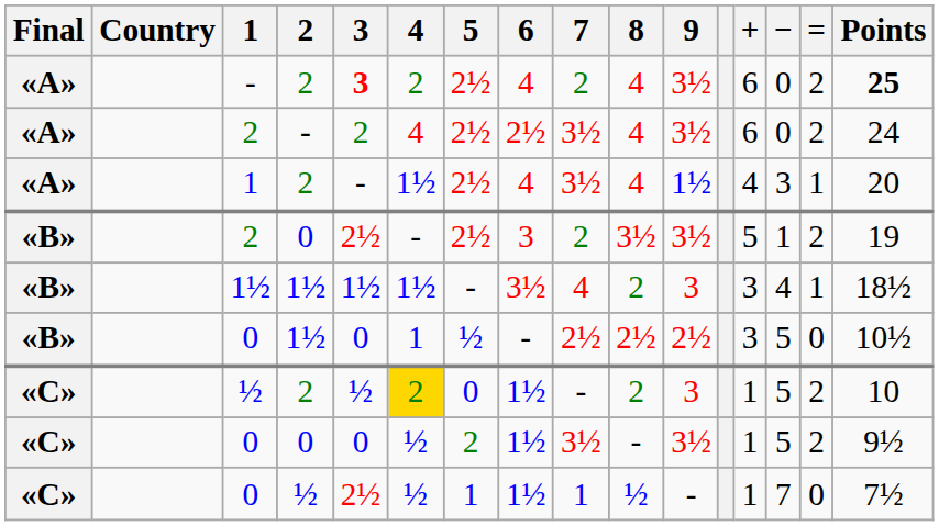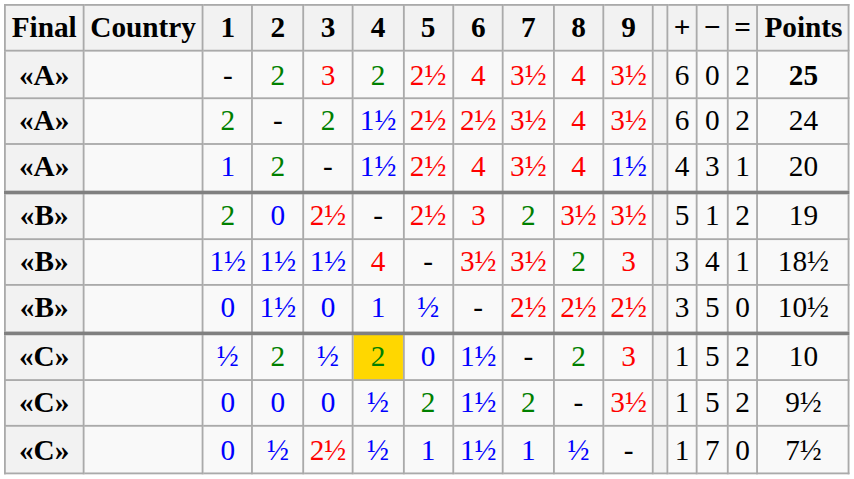 <table class="wikitable" style="text-align:center">
 <tr>
 <th>Final</th>
 <th>Country</th>
 <th>1</th>
 <th>2</th>
 <th>3</th>
 <th>4</th>
 <th>5</th>
 <th>6</th>
 <th>7</th>
 <th>8</th>
 <th>9</th>
 <th></th>
 <th>+</th>
 <th>−</th>
 <th>=</th>
 <th>Points</th>
 </tr>
 <tr>
 <th>«A»</th>
 <td style="text-align: left"></td>
 <td>-</td>
 <td style="color: green">2</td>
-<td style="color: red;"><strong>3</strong></td>
+<td style="color: red;">3</td>
 <td style="color: green">2</td>
 <td style="color: red;">2½</td>
 <td style="color: red;">4</td>
-<td style="color: green">2</td>
+<td style="color: red;">3½</td>
 <td style="color: red;">4</td>
 <td style="color: red;">3½</td>
 <th></th>
 <td>6</td>
 <td>0</td>
 <td>2</td>
 <td><strong>25</strong></td>
 </tr>
 <tr>
 <th>«A»</th>
 <td style="text-align: left"></td>
 <td style="color: green">2</td>
 <td>-</td>
 <td style="color: green">2</td>
-<td style="color: red;">4</td>
+<td style="color: blue;">1½</td>
 <td style="color: red;">2½</td>
 <td style="color: red;">2½</td>
 <td style="color: red;">3½</td>
 <td style="color: red;">4</td>
 <td style="color: red;">3½</td>
 <th></th>
 <td>6</td>
 <td>0</td>
 <td>2</td>
 <td>24</td>
 </tr>
 <tr>
 <th>«A»</th>
 <td style="text-align: left"></td>
 <td style="color: blue;">1</td>
 <td style="color: green">2</td>
 <td>-</td>
 <td style="color: blue;">1½</td>
 <td style="color: red;">2½</td>
 <td style="color: red;">4</td>
 <td style="color: red;">3½</td>
 <td style="color: red;">4</td>
 <td style="color: blue;">1½</td>
 <th></th>
 <td>4</td>
 <td>3</td>
 <td>1</td>
 <td>20</td>
 </tr>
 <tr style="border-top:2px solid grey;">
 <th>«B»</th>
 <td style="text-align: left"></td>
 <td style="color: green">2</td>
 <td style="color: blue;">0</td>
 <td style="color: red;">2½</td>
 <td>-</td>
 <td style="color: red;">2½</td>
 <td style="color: red;">3</td>
 <td style="color: green">2</td>
 <td style="color: red;">3½</td>
 <td style="color: red;">3½</td>
 <th></th>
 <td>5</td>
 <td>1</td>
 <td>2</td>
 <td>19</td>
 </tr>
 <tr>
 <th>«B»</th>
 <td style="text-align: left"></td>
 <td style="color: blue;">1½</td>
 <td style="color: blue;">1½</td>
 <td style="color: blue;">1½</td>
-<td style="color: blue;">1½</td>
+<td style="color: red;">4</td>
 <td>-</td>
 <td style="color: red;">3½</td>
-<td style="color: red;">4</td>
+<td style="color: red;">3½</td>
 <td style="color: green">2</td>
 <td style="color: red;">3</td>
 <th></th>
 <td>3</td>
 <td>4</td>
 <td>1</td>
 <td>18½</td>
 </tr>
 <tr>
 <th>«B»</th>
 <td style="text-align: left"></td>
 <td style="color: blue;">0</td>
 <td style="color: blue;">1½</td>
 <td style="color: blue;">0</td>
 <td style="color: blue;">1</td>
 <td style="color: blue;">½</td>
 <td>-</td>
 <td style="color: red;">2½</td>
 <td style="color: red;">2½</td>
 <td style="color: red;">2½</td>
 <th></th>
 <td>3</td>
 <td>5</td>
 <td>0</td>
 <td>10½</td>
 </tr>
 <tr style="border-top:2px solid grey;">
 <th>«C»</th>
 <td style="text-align: left"></td>
 <td style="color: blue;">½</td>
 <td style="color: green">2</td>
 <td style="color: blue;">½</td>
 <td style="background: gold; color: green">2</td>
 <td style="color: blue;">0</td>
 <td style="color: blue;">1½</td>
 <td>-</td>
 <td style="color: green">2</td>
 <td style="color: red;">3</td>
 <th></th>
 <td>1</td>
 <td>5</td>
 <td>2</td>
 <td>10</td>
 </tr>
 <tr>
 <th>«C»</th>
 <td style="text-align: left"></td>
 <td style="color: blue;">0</td>
 <td style="color: blue;">0</td>
 <td style="color: blue;">0</td>
 <td style="color: blue;">½</td>
 <td style="color: green">2</td>
 <td style="color: blue;">1½</td>
-<td style="color: red;">3½</td>
+<td style="color: green">2</td>
 <td>-</td>
 <td style="color: red;">3½</td>
 <th></th>
 <td>1</td>
 <td>5</td>
 <td>2</td>
 <td>9½</td>
 </tr>
 <tr>
 <th>«C»</th>
 <td style="text-align: left"></td>
 <td style="color: blue;">0</td>
 <td style="color: blue;">½</td>
 <td style="color: red;">2½</td>
 <td style="color: blue;">½</td>
 <td style="color: blue;">1</td>
 <td style="color: blue;">1½</td>
 <td style="color: blue;">1</td>
 <td style="color: blue;">½</td>
 <td>-</td>
 <th></th>
 <td>1</td>
 <td>7</td>
 <td>0</td>
 <td>7½</td>
 </tr>
 </table>
